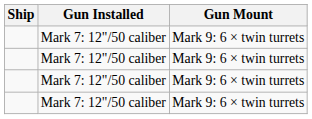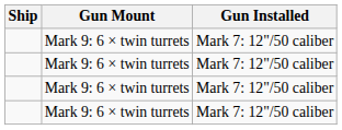 <table class="wikitable">
 <tr>
 <th>Ship</th>
+<th>Gun Mount</th>
 <th>Gun Installed</th>
-<th>Gun Mount</th>
 </tr>
 <tr>
 <td></td>
+<td>Mark 9: 6 × twin turrets</td>
 <td>Mark 7: 12"/50 caliber</td>
-<td>Mark 9: 6 × twin turrets</td>
 </tr>
 <tr>
 <td></td>
+<td>Mark 9: 6 × twin turrets</td>
 <td>Mark 7: 12"/50 caliber</td>
-<td>Mark 9: 6 × twin turrets</td>
 </tr>
 <tr>
 <td></td>
+<td>Mark 9: 6 × twin turrets</td>
 <td>Mark 7: 12"/50 caliber</td>
-<td>Mark 9: 6 × twin turrets</td>
 </tr>
 <tr>
 <td></td>
+<td>Mark 9: 6 × twin turrets</td>
 <td>Mark 7: 12"/50 caliber</td>
-<td>Mark 9: 6 × twin turrets</td>
 </tr>
 </table>
